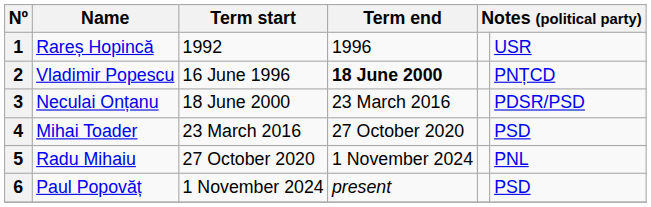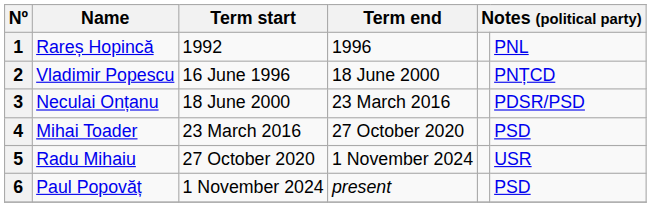 <table class="wikitable">
 <tr>
 <th>Nº</th>
 <th>Name</th>
 <th>Term start</th>
 <th>Term end</th>
 <th colspan=2>Notes <small>(political party)</small></th>
 </tr>
 <tr>
 <th>1</th>
 <td><a href='#'>Rareș Hopincă</a></td>
 <td>1992</td>
 <td>1996</td>
 <td style="background:"></td>
-<td><a href='#'>USR</a></td>
+<td><a href='#'>PNL</a></td>
 </tr>
 <tr>
 <th>2</th>
 <td><a href='#'>Vladimir Popescu</a></td>
 <td>16 June 1996</td>
-<td><strong>18 June 2000</strong></td>
+<td>18 June 2000</td>
 <td style="background:"></td>
 <td><a href='#'>PNȚCD</a></td>
 </tr>
 <tr>
 <th>3</th>
 <td><a href='#'>Neculai Onțanu</a></td>
 <td>18 June 2000</td>
 <td>23 March 2016</td>
 <td style="background:"></td>
 <td><a href='#'>PDSR/PSD</a></td>
 </tr>
 <tr>
 <th>4</th>
 <td><a href='#'>Mihai Toader</a></td>
 <td>23 March 2016</td>
 <td>27 October 2020</td>
 <td style="background:"></td>
 <td><a href='#'>PSD</a></td>
 </tr>
 <tr>
 <th>5</th>
 <td><a href='#'>Radu Mihaiu</a></td>
 <td>27 October 2020</td>
 <td>1 November 2024</td>
 <td style="background:"></td>
-<td><a href='#'>PNL</a></td>
+<td><a href='#'>USR</a></td>
 </tr>
 <tr>
 <th>6</th>
 <td><a href='#'>Paul Popovăț</a></td>
 <td>1 November 2024</td>
 <td><em>present</em></td>
 <td style="background:"></td>
 <td><a href='#'>PSD</a></td>
 </tr>
 <tr>
 </tr>
 </table>
